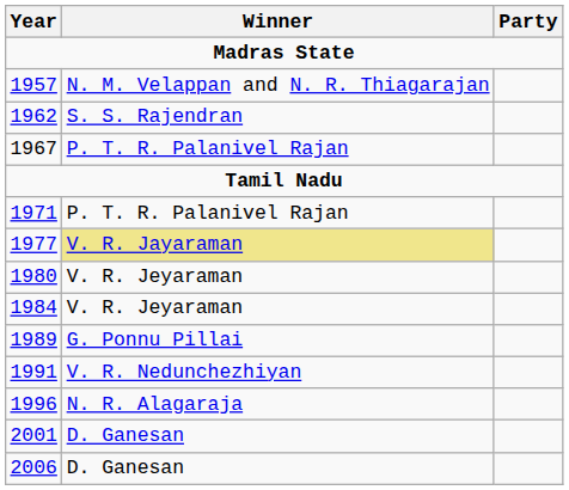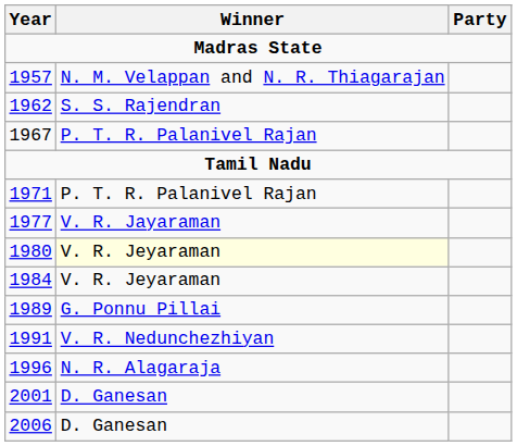 <table class="wikitable sortable">
 <tr>
 <th>Year</th>
 <th>Winner</th>
 <th colspan="2">Party</th>
 </tr>
 <tr>
 <td style="text-align: center;" colspan="4"><strong>Madras State</strong></td>
 </tr>
 <tr>
 <td><a href='#'>1957</a></td>
 <td><a href='#'>N. M. Velappan</a> and <a href='#'>N. R. Thiagarajan</a></td>
 <td></td>
 </tr>
 <tr>
 <td><a href='#'>1962</a></td>
 <td><a href='#'>S. S. Rajendran</a></td>
 <td></td>
 </tr>
 <tr>
 <td>1967</td>
 <td><a href='#'>P. T. R. Palanivel Rajan</a></td>
 <td></td>
 </tr>
 <tr>
 <td style="text-align: center;" colspan="4"><strong>Tamil Nadu</strong></td>
 </tr>
 <tr>
 <td><a href='#'>1971</a></td>
 <td>P. T. R. Palanivel Rajan</td>
 <td></td>
 </tr>
 <tr>
 <td><a href='#'>1977</a></td>
-<td style="background: khaki;"><a href='#'>V. R. Jayaraman</a></td>
+<td><a href='#'>V. R. Jayaraman</a></td>
 <td></td>
 </tr>
 <tr>
 <td><a href='#'>1980</a></td>
-<td>V. R. Jeyaraman</td>
+<td style="background: lightyellow;">V. R. Jeyaraman</td>
 <td></td>
 </tr>
 <tr>
 <td><a href='#'>1984</a></td>
 <td>V. R. Jeyaraman</td>
 <td></td>
 </tr>
 <tr>
 <td><a href='#'>1989</a></td>
 <td><a href='#'>G. Ponnu Pillai</a></td>
 <td></td>
 </tr>
 <tr>
 <td><a href='#'>1991</a></td>
 <td><a href='#'>V. R. Nedunchezhiyan</a></td>
 <td></td>
 </tr>
 <tr>
 <td><a href='#'>1996</a></td>
 <td><a href='#'>N. R. Alagaraja</a></td>
 <td></td>
 </tr>
 <tr>
 <td><a href='#'>2001</a></td>
 <td><a href='#'>D. Ganesan</a></td>
 <td></td>
 </tr>
 <tr>
 <td><a href='#'>2006</a></td>
 <td>D. Ganesan</td>
 <td></td>
 </tr>
 </table>
